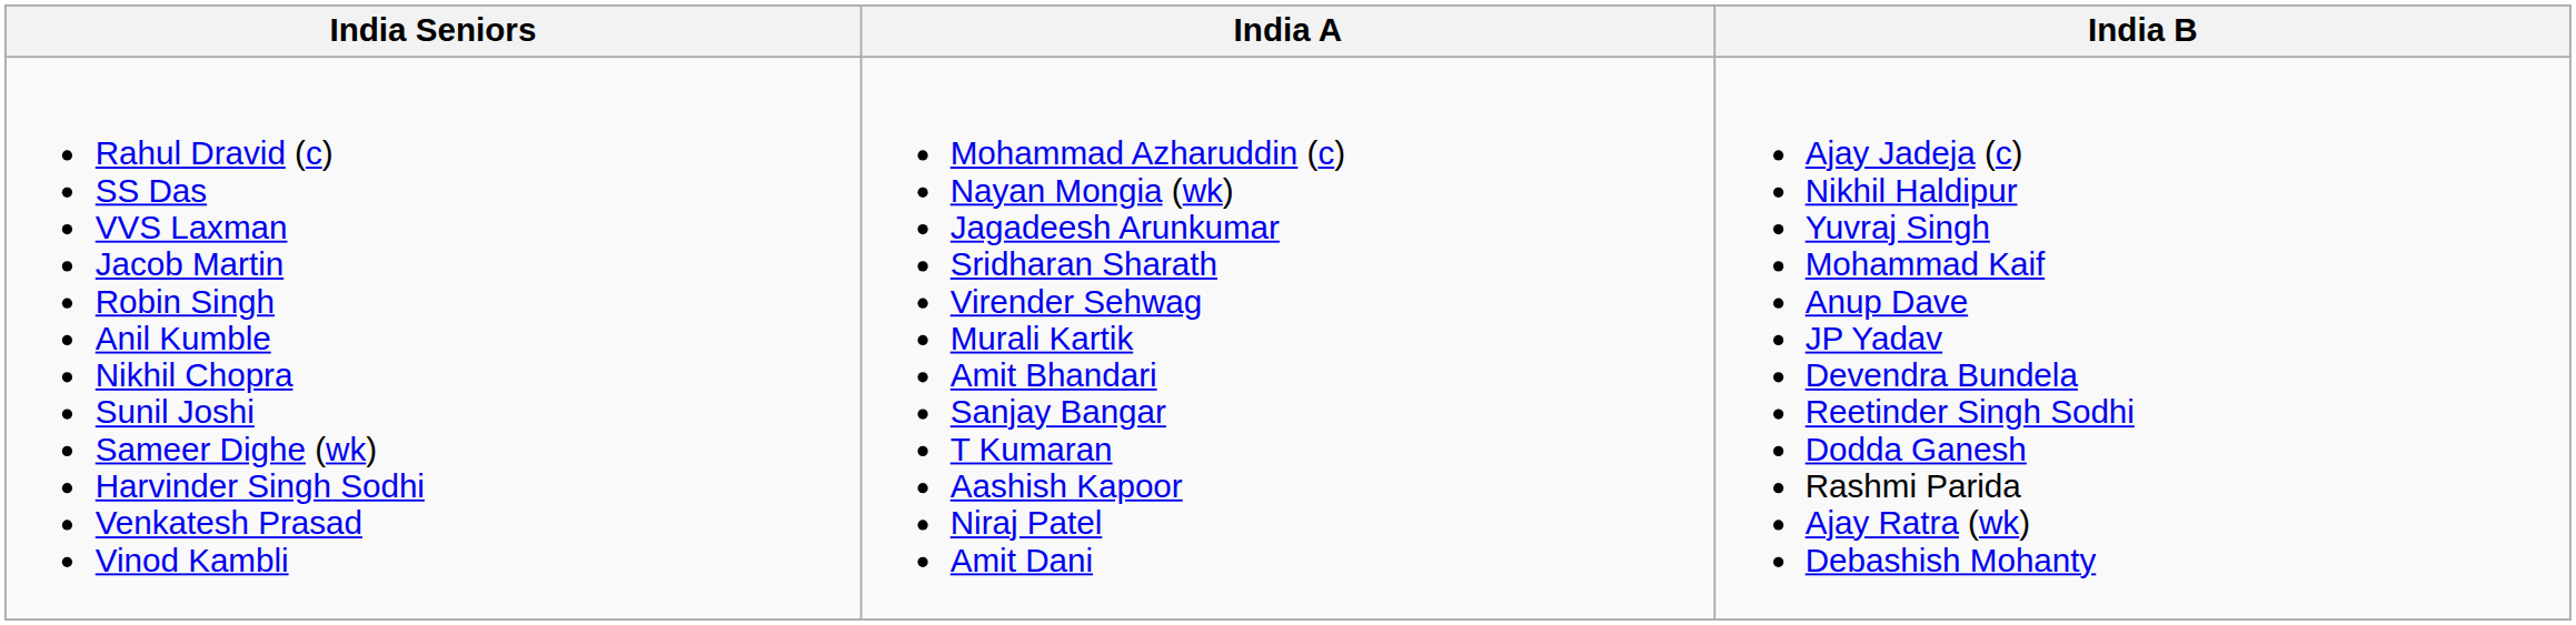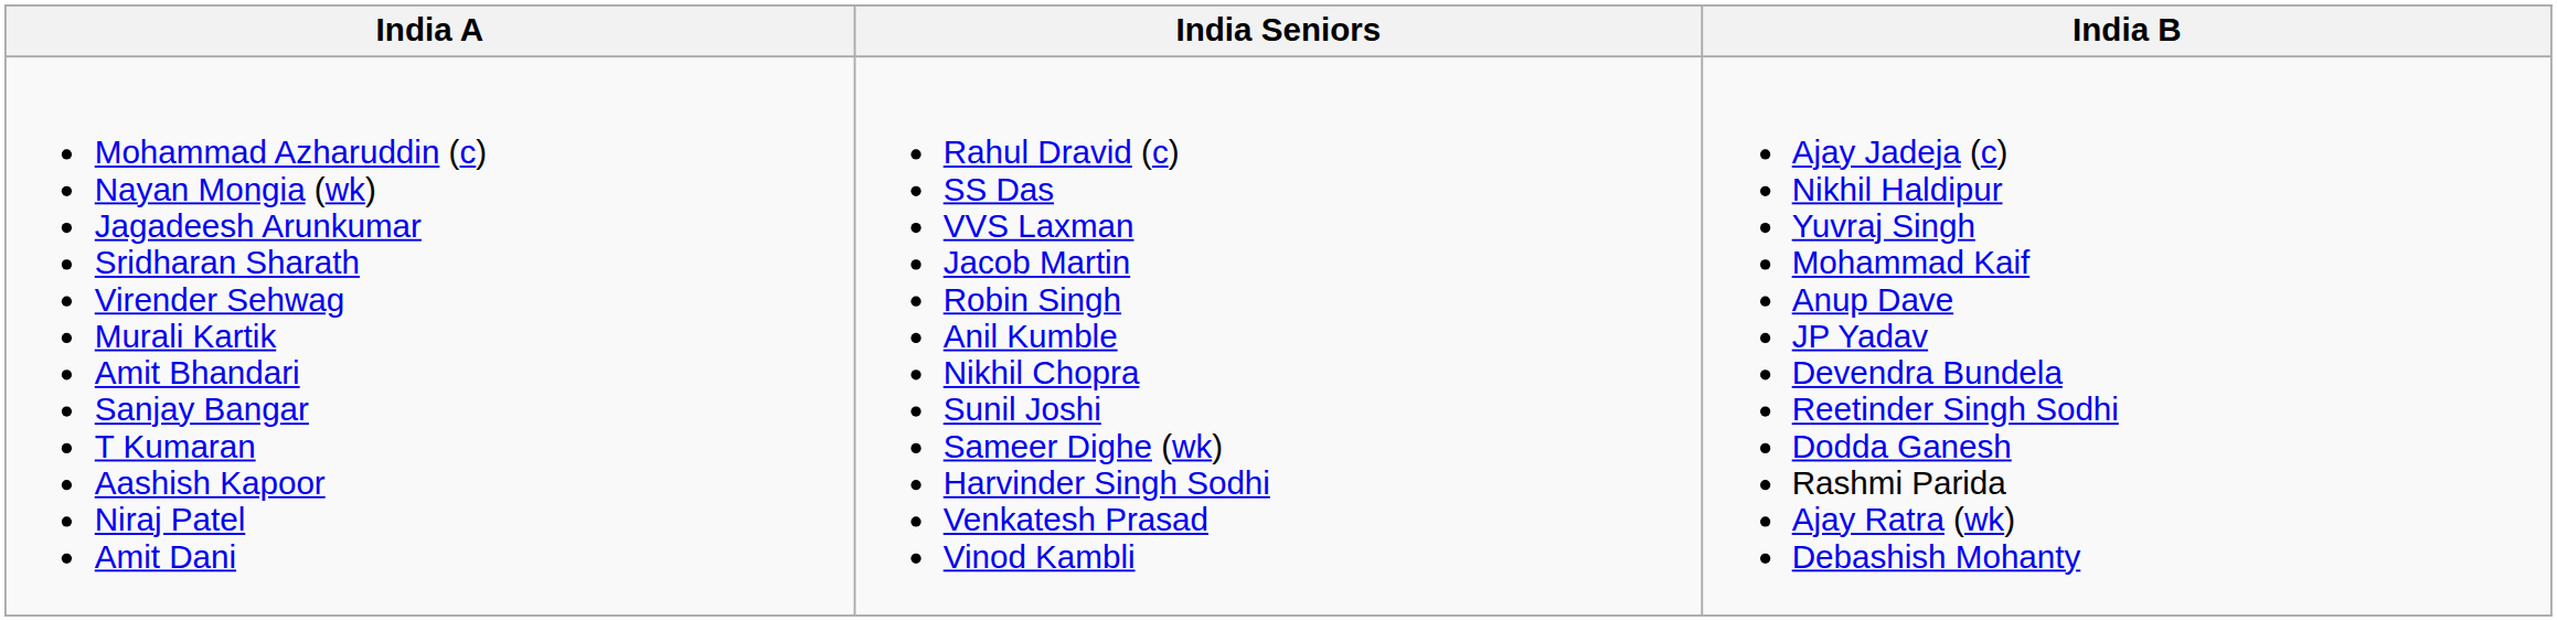 <table class="wikitable">
 <tr>
+<th style="width:15%;"> India A </th>
 <th style="width:15%;"> India Seniors </th>
-<th style="width:15%;"> India A </th>
 <th style="width:15%;"> India B </th>
 </tr>
 <tr style="vertical-align:top">
+<td><br><ul><li><a href='#'>Mohammad Azharuddin</a> (<a href='#'>c</a>)</li><li><a href='#'>Nayan Mongia</a> (<a href='#'>wk</a>)</li><li><a href='#'>Jagadeesh Arunkumar</a></li><li><a href='#'>Sridharan Sharath</a></li><li><a href='#'>Virender Sehwag</a></li><li><a href='#'>Murali Kartik</a></li><li><a href='#'>Amit Bhandari</a></li><li><a href='#'>Sanjay Bangar</a></li><li><a href='#'>T Kumaran</a></li><li><a href='#'>Aashish Kapoor</a></li><li><a href='#'>Niraj Patel</a></li><li><a href='#'>Amit Dani</a></li></ul></td>
 <td><br><ul><li><a href='#'>Rahul Dravid</a> (<a href='#'>c</a>)</li><li><a href='#'>SS Das</a></li><li><a href='#'>VVS Laxman</a></li><li><a href='#'>Jacob Martin</a></li><li><a href='#'>Robin Singh</a></li><li><a href='#'>Anil Kumble</a></li><li><a href='#'>Nikhil Chopra</a></li><li><a href='#'>Sunil Joshi</a></li><li><a href='#'>Sameer Dighe</a> (<a href='#'>wk</a>)</li><li><a href='#'>Harvinder Singh Sodhi</a></li><li><a href='#'>Venkatesh Prasad</a></li><li><a href='#'>Vinod Kambli</a></li></ul></td>
-<td><br><ul><li><a href='#'>Mohammad Azharuddin</a> (<a href='#'>c</a>)</li><li><a href='#'>Nayan Mongia</a> (<a href='#'>wk</a>)</li><li><a href='#'>Jagadeesh Arunkumar</a></li><li><a href='#'>Sridharan Sharath</a></li><li><a href='#'>Virender Sehwag</a></li><li><a href='#'>Murali Kartik</a></li><li><a href='#'>Amit Bhandari</a></li><li><a href='#'>Sanjay Bangar</a></li><li><a href='#'>T Kumaran</a></li><li><a href='#'>Aashish Kapoor</a></li><li><a href='#'>Niraj Patel</a></li><li><a href='#'>Amit Dani</a></li></ul></td>
 <td><br><ul><li><a href='#'>Ajay Jadeja</a> (<a href='#'>c</a>)</li><li><a href='#'>Nikhil Haldipur</a></li><li><a href='#'>Yuvraj Singh</a></li><li><a href='#'>Mohammad Kaif</a></li><li><a href='#'>Anup Dave</a></li><li><a href='#'>JP Yadav</a></li><li><a href='#'>Devendra Bundela</a></li><li><a href='#'>Reetinder Singh Sodhi</a></li><li><a href='#'>Dodda Ganesh</a></li><li>Rashmi Parida</li><li><a href='#'>Ajay Ratra</a> (<a href='#'>wk</a>)</li><li><a href='#'>Debashish Mohanty</a></li></ul></td>
 </tr>
 </table>
